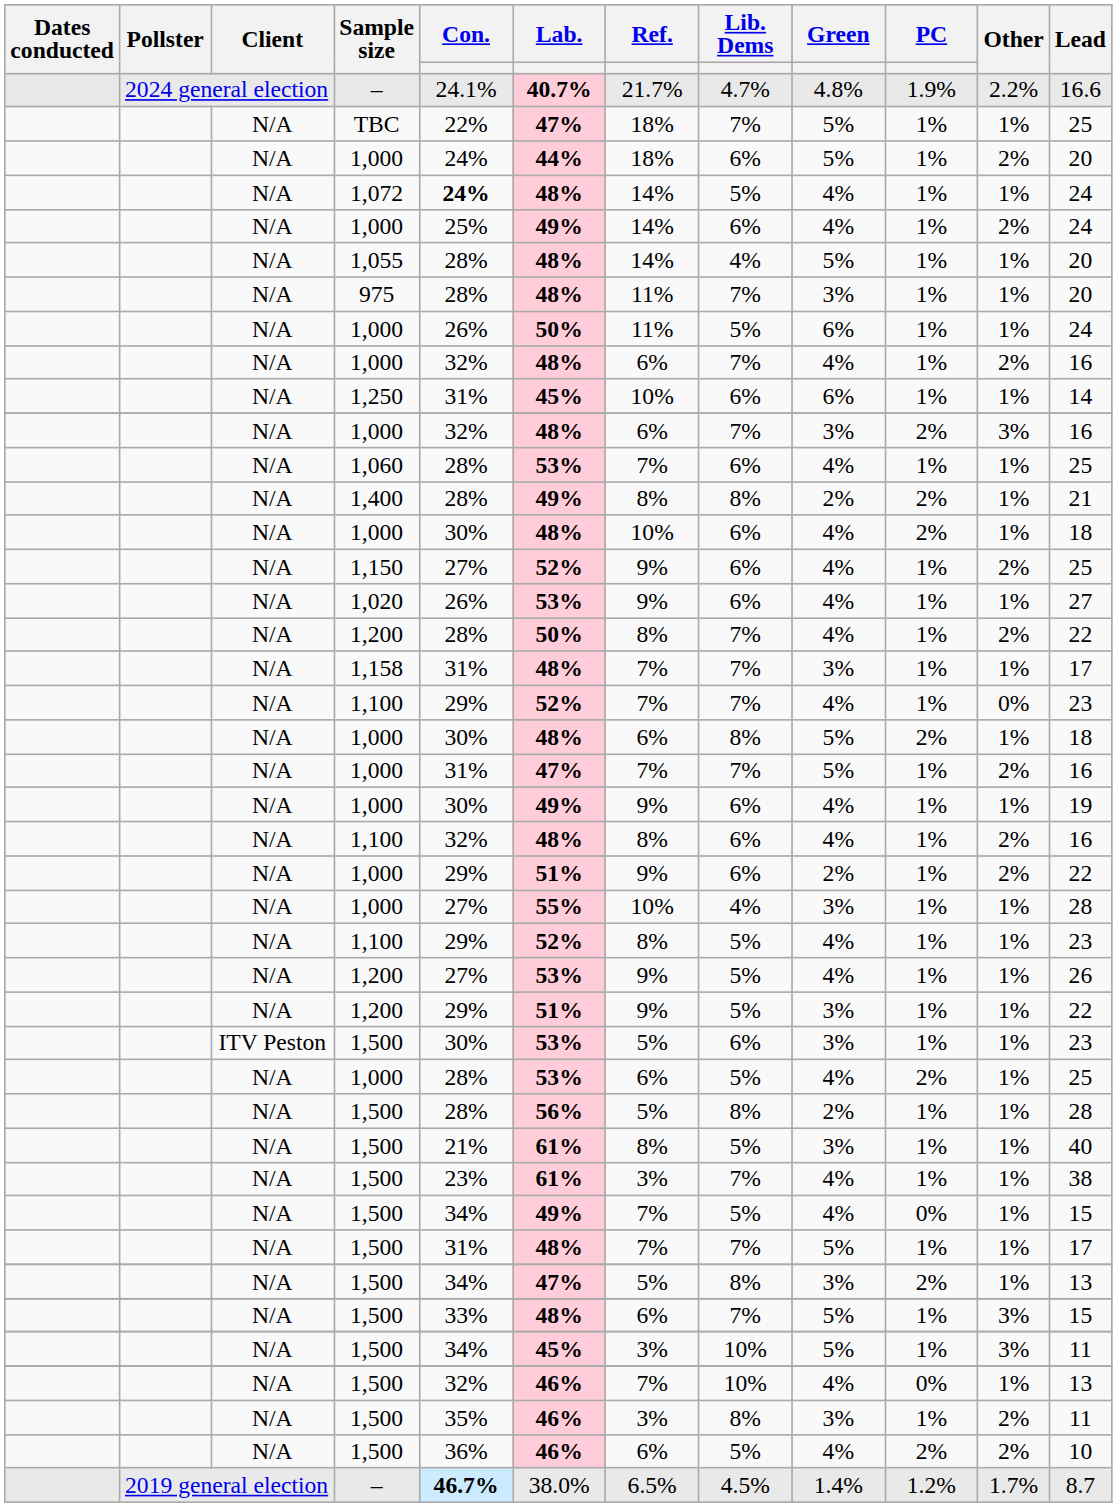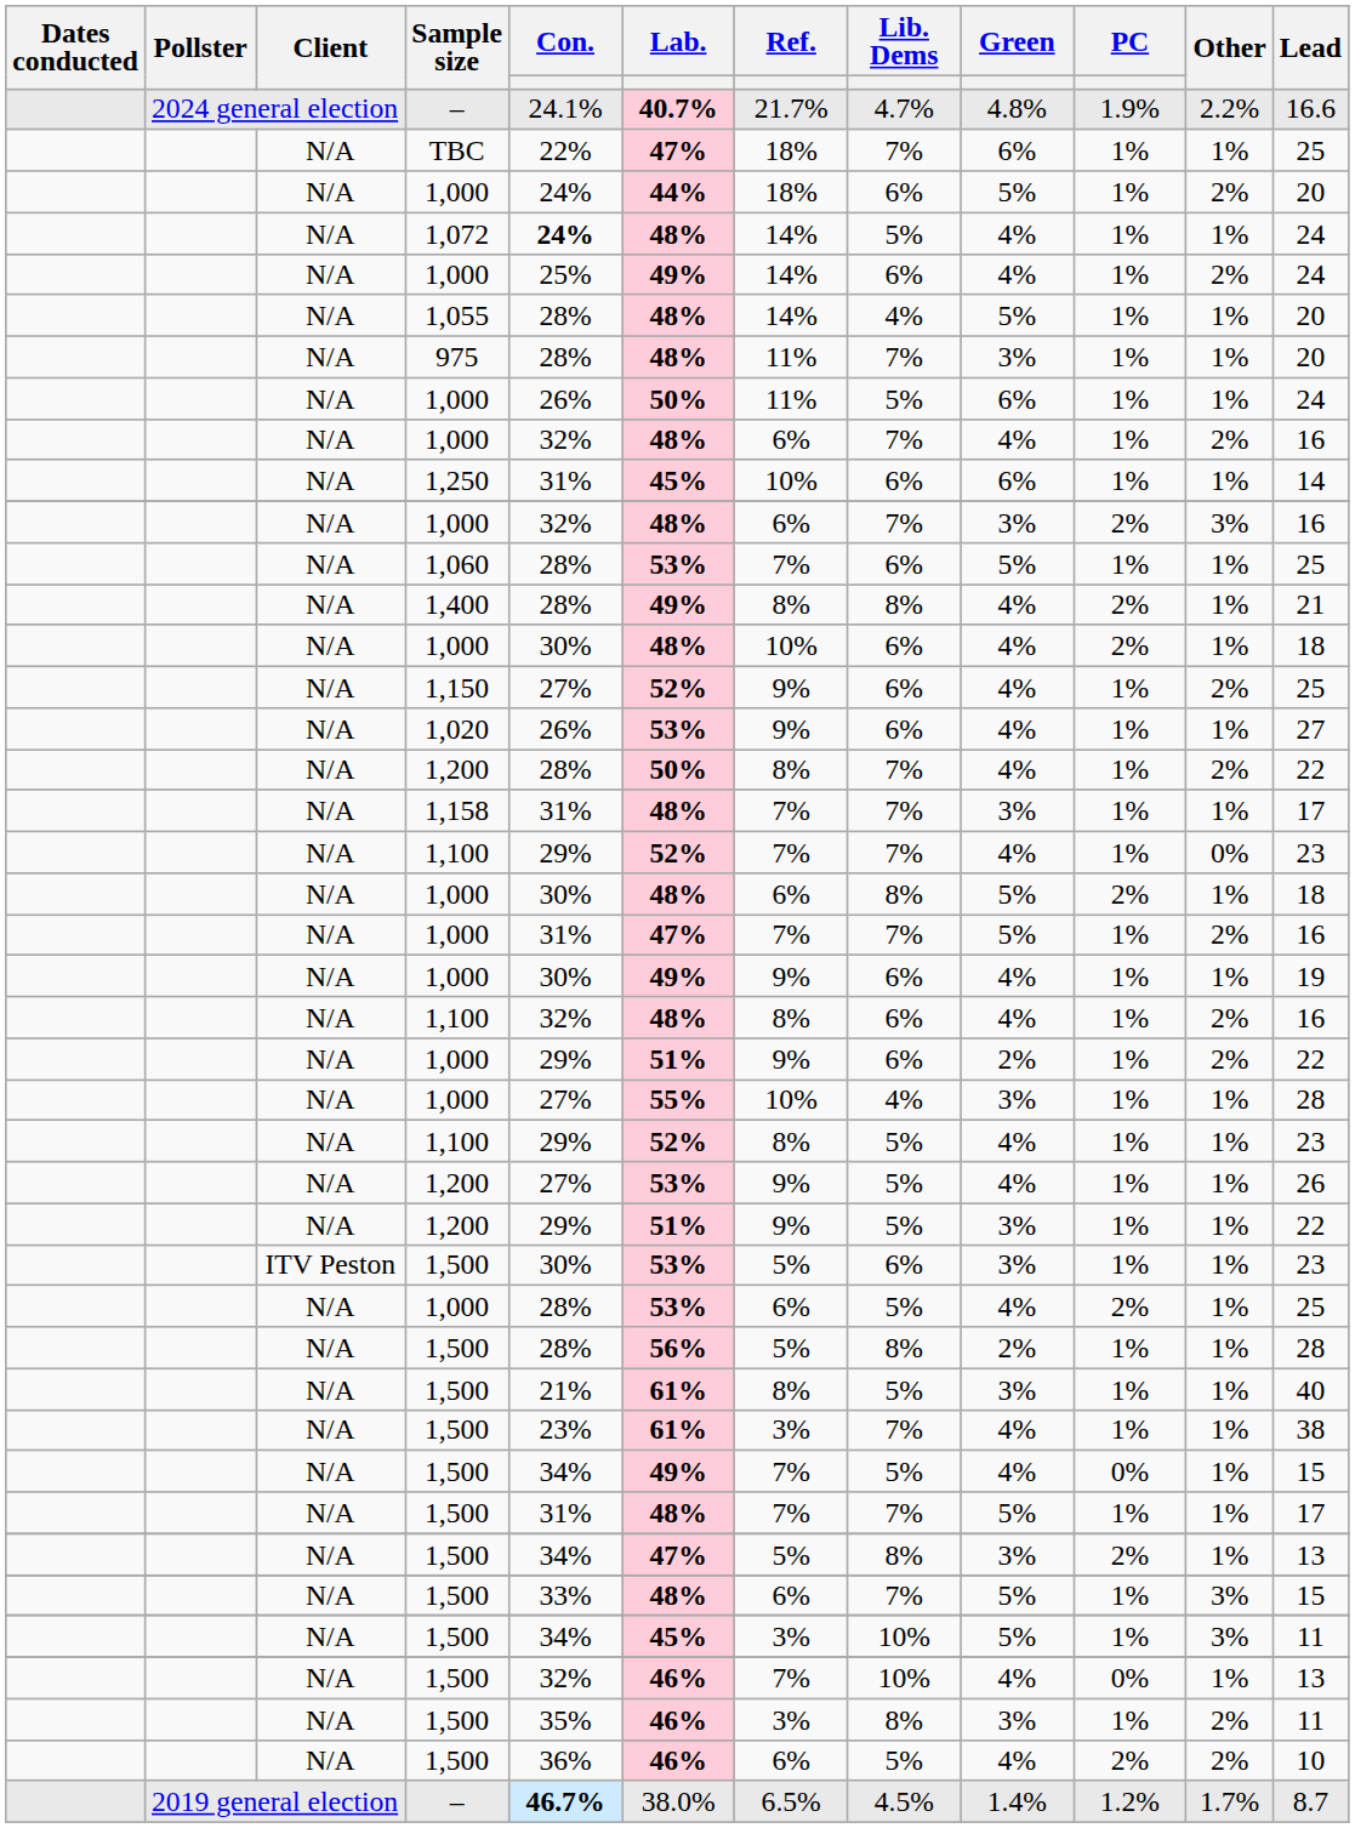 <table class="wikitable sortable mw-datatable" style="text-align:center; font-size:90%; line-height:14px;">
 <tr>
 <th rowspan="2">Dates<br>conducted</th>
 <th rowspan="2">Pollster</th>
 <th rowspan="2">Client</th>
 <th data-sort-type="number" rowspan="2">Sample<br>size</th>
 <th class="unsortable" style="width:50px;"><a href='#'>Con.</a></th>
 <th class="unsortable" style="width:50px;"><a href='#'>Lab.</a></th>
 <th class="unsortable" style="width:50px;"><a href='#'>Ref.</a></th>
 <th class="unsortable" style="width:50px;"><a href='#'>Lib. Dems</a></th>
 <th class="unsortable" style="width:50px;"><a href='#'>Green</a></th>
 <th class="unsortable" style="width:50px;"><a href='#'>PC</a></th>
 <th class="unsortable" rowspan="2">Other</th>
 <th data-sort-type="number" rowspan="2">Lead</th>
 </tr>
 <tr>
 <th data-sort-type="number" style="background:"></th>
 <th data-sort-type="number" style="background:"></th>
 <th data-sort-type="number" style="background:"></th>
 <th data-sort-type="number" style="background:"></th>
 <th data-sort-type="number" style="background:"></th>
 <th data-sort-type="number" style="background:"></th>
 </tr>
 <tr style="background:#e9e9e9;">
 <td></td>
 <td colspan="2"><a href='#'>2024 general election</a></td>
 <td>–</td>
 <td>24.1%</td>
 <td style="background:#FFCCD9;"><strong>40.7%</strong></td>
 <td>21.7%</td>
 <td>4.7%</td>
 <td>4.8%</td>
 <td>1.9%</td>
 <td>2.2%</td>
 <td style="background:">16.6</td>
 </tr>
 <tr>
 <td></td>
 <td></td>
 <td>N/A</td>
 <td>TBC</td>
 <td>22%</td>
 <td style="background:#FFCCD9"><strong>47%</strong></td>
 <td>18%</td>
 <td>7%</td>
-<td>5%</td>
+<td>6%</td>
 <td>1%</td>
 <td>1%</td>
 <td style="background:">25</td>
 </tr>
 <tr>
 <td></td>
 <td></td>
 <td>N/A</td>
 <td>1,000</td>
 <td>24%</td>
 <td style="background:#FFCCD9"><strong>44%</strong></td>
 <td>18%</td>
 <td>6%</td>
 <td>5%</td>
 <td>1%</td>
 <td>2%</td>
 <td style="background:">20</td>
 </tr>
 <tr>
 <td></td>
 <td></td>
 <td>N/A</td>
 <td>1,072</td>
 <td><strong>24%</strong></td>
 <td style="background:#FFCCD9"><strong>48%</strong></td>
 <td>14%</td>
 <td>5%</td>
 <td>4%</td>
 <td>1%</td>
 <td>1%</td>
 <td style="background:">24</td>
 </tr>
 <tr>
 <td></td>
 <td></td>
 <td>N/A</td>
 <td>1,000</td>
 <td>25%</td>
 <td style="background:#FFCCD9"><strong>49%</strong></td>
 <td>14%</td>
 <td>6%</td>
 <td>4%</td>
 <td>1%</td>
 <td>2%</td>
 <td style="background:">24</td>
 </tr>
 <tr>
 <td></td>
 <td></td>
 <td>N/A</td>
 <td>1,055</td>
 <td>28%</td>
 <td style="background:#FFCCD9"><strong>48%</strong></td>
 <td>14%</td>
 <td>4%</td>
 <td>5%</td>
 <td>1%</td>
 <td>1%</td>
 <td style="background:">20</td>
 </tr>
 <tr>
 <td></td>
 <td></td>
 <td>N/A</td>
 <td>975</td>
 <td>28%</td>
 <td style="background:#FFCCD9"><strong>48%</strong></td>
 <td>11%</td>
 <td>7%</td>
 <td>3%</td>
 <td>1%</td>
 <td>1%</td>
 <td style="background:">20</td>
 </tr>
 <tr>
 <td></td>
 <td></td>
 <td>N/A</td>
 <td>1,000</td>
 <td>26%</td>
 <td style="background:#FFCCD9"><strong>50%</strong></td>
 <td>11%</td>
 <td>5%</td>
 <td>6%</td>
 <td>1%</td>
 <td>1%</td>
 <td style="background:">24</td>
 </tr>
 <tr>
 <td></td>
 <td></td>
 <td>N/A</td>
 <td>1,000</td>
 <td>32%</td>
 <td style="background:#FFCCD9"><strong>48%</strong></td>
 <td>6%</td>
 <td>7%</td>
 <td>4%</td>
 <td>1%</td>
 <td>2%</td>
 <td style="background:">16</td>
 </tr>
 <tr>
 <td></td>
 <td></td>
 <td>N/A</td>
 <td>1,250</td>
 <td>31%</td>
 <td style="background:#FFCCD9"><strong>45%</strong></td>
 <td>10%</td>
 <td>6%</td>
 <td>6%</td>
 <td>1%</td>
 <td>1%</td>
 <td style="background:">14</td>
 </tr>
 <tr>
 </tr>
 <tr>
 <td></td>
 <td></td>
 <td>N/A</td>
 <td>1,000</td>
 <td>32%</td>
 <td style="background:#FFCCD9"><strong>48%</strong></td>
 <td>6%</td>
 <td>7%</td>
 <td>3%</td>
 <td>2%</td>
 <td>3%</td>
 <td style="background:">16</td>
 </tr>
 <tr>
 <td></td>
 <td></td>
 <td>N/A</td>
 <td>1,060</td>
 <td>28%</td>
 <td style="background:#FFCCD9"><strong>53%</strong></td>
 <td>7%</td>
 <td>6%</td>
-<td>4%</td>
+<td>5%</td>
 <td>1%</td>
 <td>1%</td>
 <td style="background:">25</td>
 </tr>
 <tr>
 <td></td>
 <td></td>
 <td>N/A</td>
 <td>1,400</td>
 <td>28%</td>
 <td style="background:#FFCCD9"><strong>49%</strong></td>
 <td>8%</td>
 <td>8%</td>
-<td>2%</td>
+<td>4%</td>
 <td>2%</td>
 <td>1%</td>
 <td style="background:">21</td>
 </tr>
 <tr>
 <td></td>
 <td></td>
 <td>N/A</td>
 <td>1,000</td>
 <td>30%</td>
 <td style="background:#FFCCD9"><strong>48%</strong></td>
 <td>10%</td>
 <td>6%</td>
 <td>4%</td>
 <td>2%</td>
 <td>1%</td>
 <td style="background:">18</td>
 </tr>
 <tr>
 <td></td>
 <td></td>
 <td>N/A</td>
 <td>1,150</td>
 <td>27%</td>
 <td style="background:#FFCCD9"><strong>52%</strong></td>
 <td>9%</td>
 <td>6%</td>
 <td>4%</td>
 <td>1%</td>
 <td>2%</td>
 <td style="background:">25</td>
 </tr>
 <tr>
 <td></td>
 <td></td>
 <td>N/A</td>
 <td>1,020</td>
 <td>26%</td>
 <td style="background:#FFCCD9"><strong>53%</strong></td>
 <td>9%</td>
 <td>6%</td>
 <td>4%</td>
 <td>1%</td>
 <td>1%</td>
 <td style="background:">27</td>
 </tr>
 <tr>
 <td></td>
 <td></td>
 <td>N/A</td>
 <td>1,200</td>
 <td>28%</td>
 <td style="background:#FFCCD9"><strong>50%</strong></td>
 <td>8%</td>
 <td>7%</td>
 <td>4%</td>
 <td>1%</td>
 <td>2%</td>
 <td style="background:">22</td>
 </tr>
 <tr>
 <td></td>
 <td></td>
 <td>N/A</td>
 <td>1,158</td>
 <td>31%</td>
 <td style="background:#FFCCD9"><strong>48%</strong></td>
 <td>7%</td>
 <td>7%</td>
 <td>3%</td>
 <td>1%</td>
 <td>1%</td>
 <td style="background:">17</td>
 </tr>
 <tr>
 <td></td>
 <td></td>
 <td>N/A</td>
 <td>1,100</td>
 <td>29%</td>
 <td style="background:#FFCCD9"><strong>52%</strong></td>
 <td>7%</td>
 <td>7%</td>
 <td>4%</td>
 <td>1%</td>
 <td>0%</td>
 <td style="background:">23</td>
 </tr>
 <tr>
 <td></td>
 <td></td>
 <td>N/A</td>
 <td>1,000</td>
 <td>30%</td>
 <td style="background:#FFCCD9"><strong>48%</strong></td>
 <td>6%</td>
 <td>8%</td>
 <td>5%</td>
 <td>2%</td>
 <td>1%</td>
 <td style="background:">18</td>
 </tr>
 <tr>
 <td></td>
 <td></td>
 <td>N/A</td>
 <td>1,000</td>
 <td>31%</td>
 <td style="background:#FFCCD9"><strong>47%</strong></td>
 <td>7%</td>
 <td>7%</td>
 <td>5%</td>
 <td>1%</td>
 <td>2%</td>
 <td style="background:">16</td>
 </tr>
 <tr>
 <td></td>
 <td></td>
 <td>N/A</td>
 <td>1,000</td>
 <td>30%</td>
 <td style="background:#FFCCD9"><strong>49%</strong></td>
 <td>9%</td>
 <td>6%</td>
 <td>4%</td>
 <td>1%</td>
 <td>1%</td>
 <td style="background:">19</td>
 </tr>
 <tr>
 <td></td>
 <td></td>
 <td>N/A</td>
 <td>1,100</td>
 <td>32%</td>
 <td style="background:#FFCCD9"><strong>48%</strong></td>
 <td>8%</td>
 <td>6%</td>
 <td>4%</td>
 <td>1%</td>
 <td>2%</td>
 <td style="background:">16</td>
 </tr>
 <tr>
 <td></td>
 <td></td>
 <td>N/A</td>
 <td>1,000</td>
 <td>29%</td>
 <td style="background:#FFCCD9"><strong>51%</strong></td>
 <td>9%</td>
 <td>6%</td>
 <td>2%</td>
 <td>1%</td>
 <td>2%</td>
 <td style="background:">22</td>
 </tr>
 <tr>
 <td></td>
 <td></td>
 <td>N/A</td>
 <td>1,000</td>
 <td>27%</td>
 <td style="background:#FFCCD9"><strong>55%</strong></td>
 <td>10%</td>
 <td>4%</td>
 <td>3%</td>
 <td>1%</td>
 <td>1%</td>
 <td style="background:">28</td>
 </tr>
 <tr>
 <td></td>
 <td></td>
 <td>N/A</td>
 <td>1,100</td>
 <td>29%</td>
 <td style="background:#FFCCD9"><strong>52%</strong></td>
 <td>8%</td>
 <td>5%</td>
 <td>4%</td>
 <td>1%</td>
 <td>1%</td>
 <td style="background:">23</td>
 </tr>
 <tr>
 <td></td>
 <td></td>
 <td>N/A</td>
 <td>1,200</td>
 <td>27%</td>
 <td style="background:#FFCCD9"><strong>53%</strong></td>
 <td>9%</td>
 <td>5%</td>
 <td>4%</td>
 <td>1%</td>
 <td>1%</td>
 <td style="background:">26</td>
 </tr>
 <tr>
 <td></td>
 <td></td>
 <td>N/A</td>
 <td>1,200</td>
 <td>29%</td>
 <td style="background:#FFCCD9"><strong>51%</strong></td>
 <td>9%</td>
 <td>5%</td>
 <td>3%</td>
 <td>1%</td>
 <td>1%</td>
 <td style="background:">22</td>
 </tr>
 <tr>
 <td></td>
 <td></td>
 <td>ITV Peston</td>
 <td>1,500</td>
 <td>30%</td>
 <td style="background:#FFCCD9"><strong>53%</strong></td>
 <td>5%</td>
 <td>6%</td>
 <td>3%</td>
 <td>1%</td>
 <td>1%</td>
 <td style="background:">23</td>
 </tr>
 <tr>
 <td></td>
 <td></td>
 <td>N/A</td>
 <td>1,000</td>
 <td>28%</td>
 <td style="background:#FFCCD9"><strong>53%</strong></td>
 <td>6%</td>
 <td>5%</td>
 <td>4%</td>
 <td>2%</td>
 <td>1%</td>
 <td style="background:">25</td>
 </tr>
 <tr>
 <td></td>
 <td></td>
 <td>N/A</td>
 <td>1,500</td>
 <td>28%</td>
 <td style="background:#FFCCD9"><strong>56%</strong></td>
 <td>5%</td>
 <td>8%</td>
 <td>2%</td>
 <td>1%</td>
 <td>1%</td>
 <td style="background:">28</td>
 </tr>
 <tr>
 <td></td>
 <td></td>
 <td>N/A</td>
 <td>1,500</td>
 <td>21%</td>
 <td style="background:#FFCCD9"><strong>61%</strong></td>
 <td>8%</td>
 <td>5%</td>
 <td>3%</td>
 <td>1%</td>
 <td>1%</td>
 <td style="background:">40</td>
 </tr>
 <tr>
 <td></td>
 <td></td>
 <td>N/A</td>
 <td>1,500</td>
 <td>23%</td>
 <td style="background:#FFCCD9"><strong>61%</strong></td>
 <td>3%</td>
 <td>7%</td>
 <td>4%</td>
 <td>1%</td>
 <td>1%</td>
 <td style="background:">38</td>
 </tr>
 <tr>
 <td></td>
 <td></td>
 <td>N/A</td>
 <td>1,500</td>
 <td>34%</td>
 <td style="background:#FFCCD9"><strong>49%</strong></td>
 <td>7%</td>
 <td>5%</td>
 <td>4%</td>
 <td>0%</td>
 <td>1%</td>
 <td style="background:">15</td>
 </tr>
 <tr>
 <td></td>
 <td></td>
 <td>N/A</td>
 <td>1,500</td>
 <td>31%</td>
 <td style="background:#FFCCD9"><strong>48%</strong></td>
 <td>7%</td>
 <td>7%</td>
 <td>5%</td>
 <td>1%</td>
 <td>1%</td>
 <td style="background:">17</td>
 </tr>
 <tr>
 </tr>
 <tr>
 <td></td>
 <td></td>
 <td>N/A</td>
 <td>1,500</td>
 <td>34%</td>
 <td style="background:#FFCCD9"><strong>47%</strong></td>
 <td>5%</td>
 <td>8%</td>
 <td>3%</td>
 <td>2%</td>
 <td>1%</td>
 <td style="background:">13</td>
 </tr>
 <tr>
 </tr>
 <tr>
 <td></td>
 <td></td>
 <td>N/A</td>
 <td>1,500</td>
 <td>33%</td>
 <td style="background:#FFCCD9"><strong>48%</strong></td>
 <td>6%</td>
 <td>7%</td>
 <td>5%</td>
 <td>1%</td>
 <td>3%</td>
 <td style="background:">15</td>
 </tr>
 <tr>
 </tr>
 <tr>
 <td></td>
 <td></td>
 <td>N/A</td>
 <td>1,500</td>
 <td>34%</td>
 <td style="background:#FFCCD9"><strong>45%</strong></td>
 <td>3%</td>
 <td>10%</td>
 <td>5%</td>
 <td>1%</td>
 <td>3%</td>
 <td style="background:">11</td>
 </tr>
 <tr>
 </tr>
 <tr>
 <td></td>
 <td></td>
 <td>N/A</td>
 <td>1,500</td>
 <td>32%</td>
 <td style="background:#FFCCD9"><strong>46%</strong></td>
 <td>7%</td>
 <td>10%</td>
 <td>4%</td>
 <td>0%</td>
 <td>1%</td>
 <td style="background:">13</td>
 </tr>
 <tr>
 <td></td>
 <td></td>
 <td>N/A</td>
 <td>1,500</td>
 <td>35%</td>
 <td style="background:#FFCCD9"><strong>46%</strong></td>
 <td>3%</td>
 <td>8%</td>
 <td>3%</td>
 <td>1%</td>
 <td>2%</td>
 <td style="background:">11</td>
 </tr>
 <tr>
 <td></td>
 <td></td>
 <td>N/A</td>
 <td>1,500</td>
 <td>36%</td>
 <td style="background:#FFCCD9"><strong>46%</strong></td>
 <td>6%</td>
 <td>5%</td>
 <td>4%</td>
 <td>2%</td>
 <td>2%</td>
 <td style="background:">10</td>
 </tr>
 <tr style="background:#e9e9e9;">
 <td></td>
 <td colspan="2"><a href='#'>2019 general election</a></td>
 <td>–</td>
 <td style="background:#CCEBFF;"><strong>46.7%</strong></td>
 <td>38.0%</td>
 <td>6.5%</td>
 <td>4.5%</td>
 <td>1.4%</td>
 <td>1.2%</td>
 <td>1.7%</td>
 <td style="background:">8.7</td>
 </tr>
 </table>
